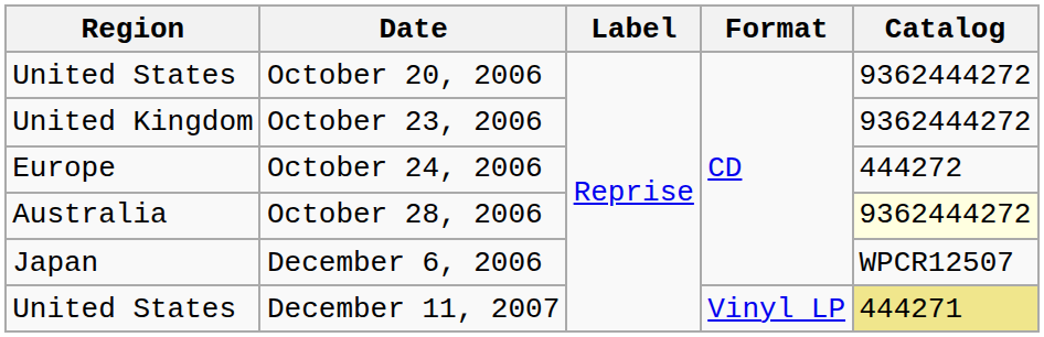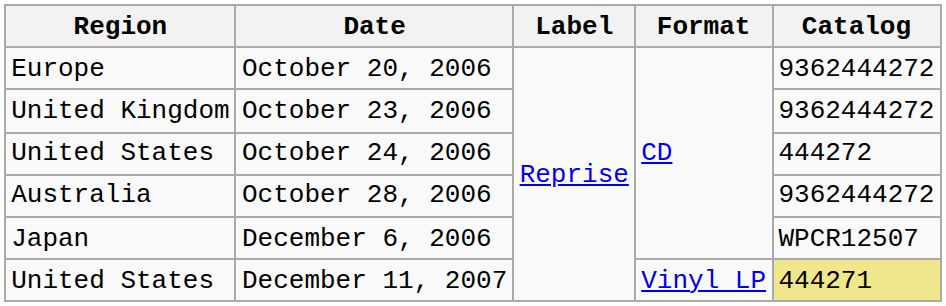 <table class="wikitable">
 <tr>
 <th>Region</th>
 <th>Date</th>
 <th>Label</th>
 <th>Format</th>
 <th>Catalog</th>
 </tr>
 <tr>
-<td>United States</td>
+<td>Europe</td>
 <td>October 20, 2006</td>
 <td rowspan="6"><a href='#'>Reprise</a></td>
 <td rowspan="5"><a href='#'>CD</a></td>
 <td>9362444272</td>
 </tr>
 <tr>
 <td>United Kingdom</td>
 <td>October 23, 2006</td>
 <td>9362444272</td>
 </tr>
 <tr>
-<td>Europe</td>
+<td>United States</td>
 <td>October 24, 2006</td>
 <td>444272</td>
 </tr>
 <tr>
 <td>Australia</td>
 <td>October 28, 2006</td>
-<td style="background: lightyellow;">9362444272</td>
+<td>9362444272</td>
 </tr>
 <tr>
 <td>Japan</td>
 <td>December 6, 2006</td>
 <td>WPCR12507</td>
 </tr>
 <tr>
 <td>United States</td>
 <td>December 11, 2007</td>
 <td><a href='#'>Vinyl LP</a></td>
 <td style="background: khaki;">444271</td>
 </tr>
 </table>
